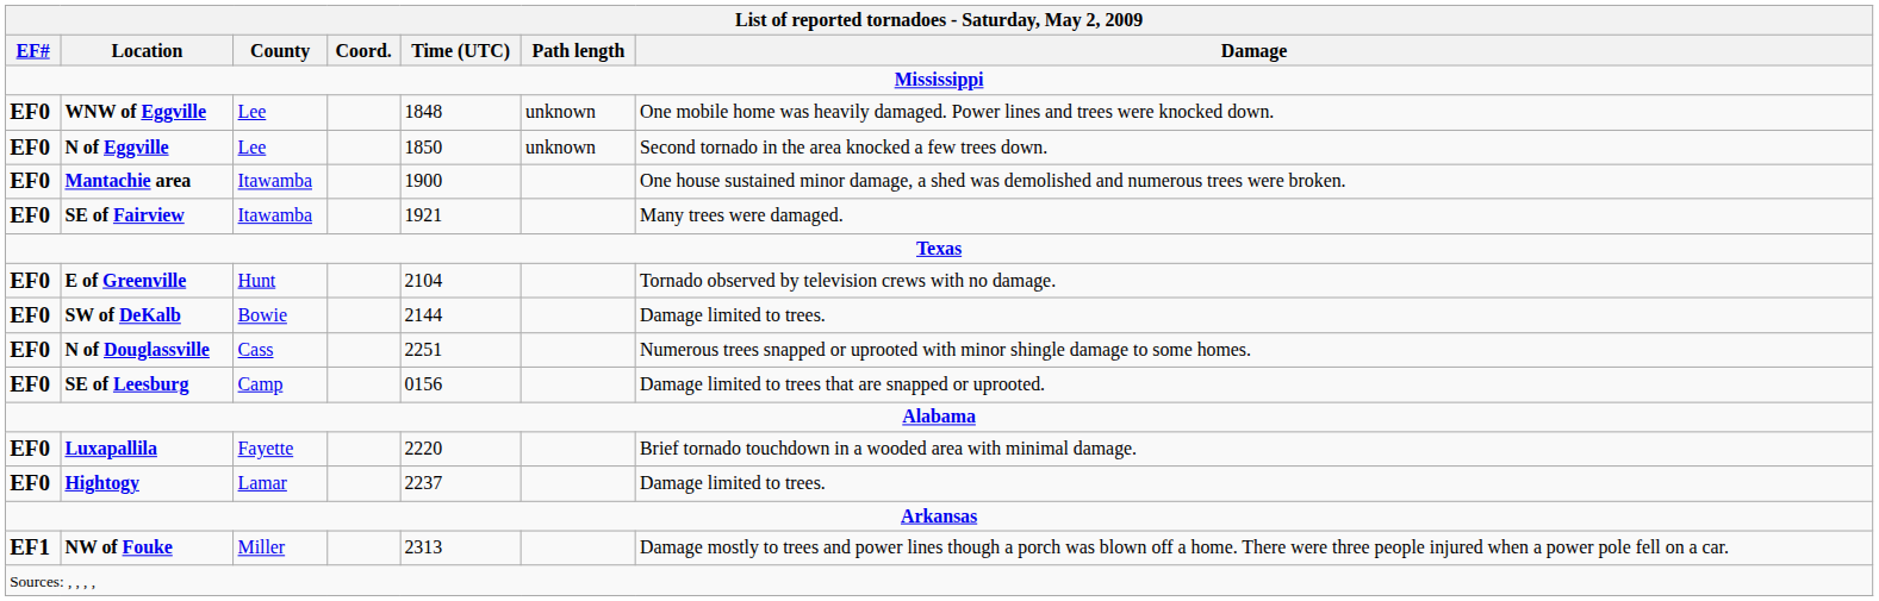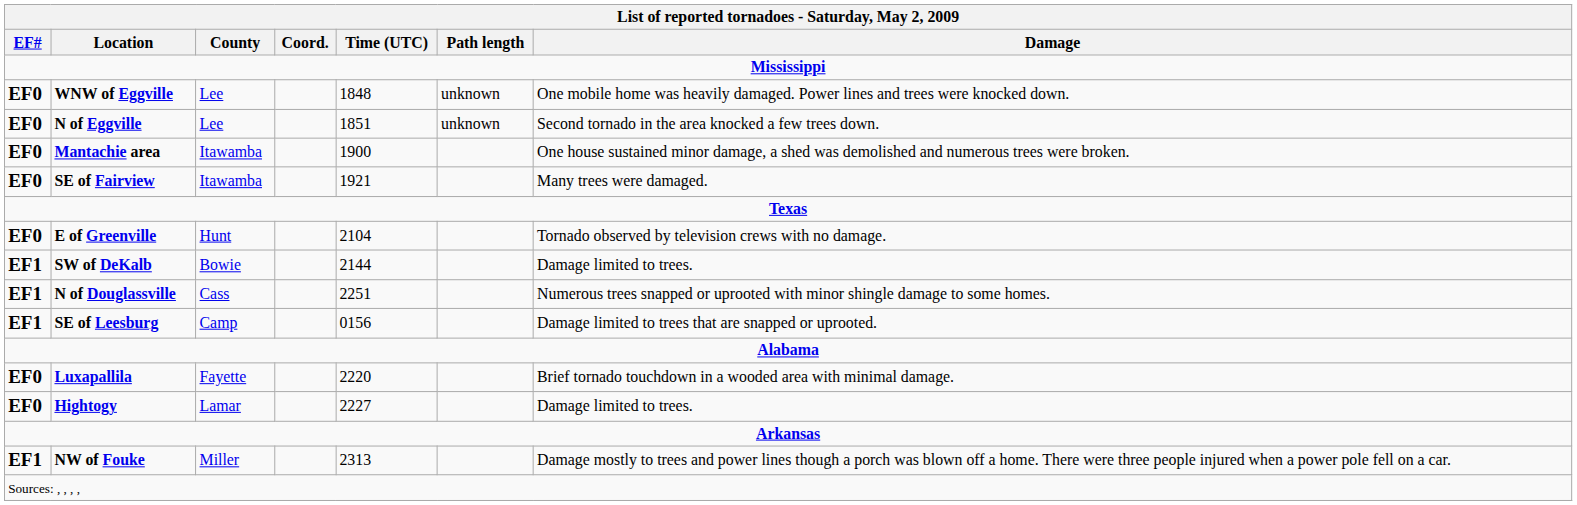 <table class="wikitable collapsible" width="100%">
 <tr>
 <th colspan="7">List of reported tornadoes - Saturday, May 2, 2009</th>
 </tr>
 <tr>
 <th><a href='#'>EF#</a></th>
 <th>Location</th>
 <th>County</th>
 <th>Coord.</th>
 <th>Time (UTC)</th>
 <th>Path length</th>
 <th>Damage</th>
 </tr>
 <tr>
 <td colspan="7" align=center><strong><a href='#'>Mississippi</a></strong></td>
 </tr>
 <tr>
 <td><big><strong>EF0</strong></big></td>
 <td><strong>WNW of <a href='#'>Eggville</a></strong></td>
 <td><a href='#'>Lee</a></td>
 <td></td>
 <td>1848</td>
 <td>unknown</td>
 <td>One mobile home was heavily damaged. Power lines and trees were knocked down.</td>
 </tr>
 <tr>
 <td><big><strong>EF0</strong></big></td>
 <td><strong>N of <a href='#'>Eggville</a></strong></td>
 <td><a href='#'>Lee</a></td>
 <td></td>
-<td>1850</td>
+<td>1851</td>
 <td>unknown</td>
 <td>Second tornado in the area knocked a few trees down.</td>
 </tr>
 <tr>
 <td><big><strong>EF0</strong></big></td>
 <td><strong><a href='#'>Mantachie</a> area</strong></td>
 <td><a href='#'>Itawamba</a></td>
 <td></td>
 <td>1900</td>
 <td></td>
 <td>One house sustained minor damage, a shed was demolished and numerous trees were broken.</td>
 </tr>
 <tr>
 <td><big><strong>EF0</strong></big></td>
 <td><strong>SE of <a href='#'>Fairview</a></strong></td>
 <td><a href='#'>Itawamba</a></td>
 <td></td>
 <td>1921</td>
 <td></td>
 <td>Many trees were damaged.</td>
 </tr>
 <tr>
 <td colspan="7" align=center><strong><a href='#'>Texas</a></strong></td>
 </tr>
 <tr>
 <td><big><strong>EF0</strong></big></td>
 <td><strong>E of <a href='#'>Greenville</a></strong></td>
 <td><a href='#'>Hunt</a></td>
 <td></td>
 <td>2104</td>
 <td></td>
 <td>Tornado observed by television crews with no damage.</td>
 </tr>
 <tr>
-<td><big><strong>EF0</strong></big></td>
+<td><big><strong>EF1</strong></big></td>
 <td><strong>SW of <a href='#'>DeKalb</a></strong></td>
 <td><a href='#'>Bowie</a></td>
 <td></td>
 <td>2144</td>
 <td></td>
 <td>Damage limited to trees.</td>
 </tr>
 <tr>
-<td><big><strong>EF0</strong></big></td>
+<td><big><strong>EF1</strong></big></td>
 <td><strong>N of <a href='#'>Douglassville</a></strong></td>
 <td><a href='#'>Cass</a></td>
 <td></td>
 <td>2251</td>
 <td></td>
 <td>Numerous trees snapped or uprooted with minor shingle damage to some homes.</td>
 </tr>
 <tr>
-<td><big><strong>EF0</strong></big></td>
+<td><big><strong>EF1</strong></big></td>
 <td><strong>SE of <a href='#'>Leesburg</a></strong></td>
 <td><a href='#'>Camp</a></td>
 <td></td>
 <td>0156</td>
 <td></td>
 <td>Damage limited to trees that are snapped or uprooted.</td>
 </tr>
 <tr>
 <td colspan="7" align=center><strong><a href='#'>Alabama</a></strong></td>
 </tr>
 <tr>
 <td><big><strong>EF0</strong></big></td>
 <td><strong><a href='#'>Luxapallila</a></strong></td>
 <td><a href='#'>Fayette</a></td>
 <td></td>
 <td>2220</td>
 <td></td>
 <td>Brief tornado touchdown in a wooded area with minimal damage.</td>
 </tr>
 <tr>
 <td><big><strong>EF0</strong></big></td>
 <td><strong><a href='#'>Hightogy</a></strong></td>
 <td><a href='#'>Lamar</a></td>
 <td></td>
-<td>2237</td>
+<td>2227</td>
 <td></td>
 <td>Damage limited to trees.</td>
 </tr>
 <tr>
 <td colspan="7" align=center><strong><a href='#'>Arkansas</a></strong></td>
 </tr>
 <tr>
 <td><big><strong>EF1</strong></big></td>
 <td><strong>NW of <a href='#'>Fouke</a></strong></td>
 <td><a href='#'>Miller</a></td>
 <td></td>
 <td>2313</td>
 <td></td>
 <td>Damage mostly to trees and power lines though a porch was blown off a home. There were three people injured when a power pole fell on a car.</td>
 </tr>
 <tr>
 <td colspan="7"><small>Sources: , , , , </small></td>
 </tr>
 <tr>
 </tr>
 </table>
